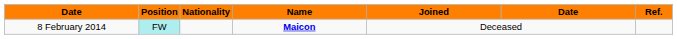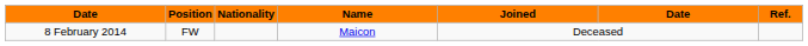 <table class="wikitable"  style="text-align:center; font-size:90%; ">
 <tr>
 <th style="background:#FF8000; color:black; width:200px;">Date</th>
 <th style="background:#FF8000; color:black; width:50px;">Position</th>
 <th style="background:#FF8000; color:black; width:50px;">Nationality</th>
 <th style="background:#FF8000; color:black; width:200px;">Name</th>
 <th style="background:#FF8000; color:black; width:200px;">Joined</th>
 <th style="background:#FF8000; color:black; width:200px;">Date</th>
 <th style="background:#FF8000; color:black; width:50px;">Ref.</th>
 </tr>
 <tr>
 <td>8 February 2014</td>
-<td style="background: paleturquoise;">FW</td>
+<td>FW</td>
 <td></td>
-<td><strong><a href='#'>Maicon</a></strong></td>
+<td><a href='#'>Maicon</a></td>
 <td colspan=2>Deceased</td>
 <td></td>
 </tr>
 </table>
